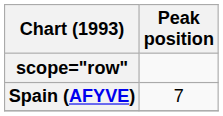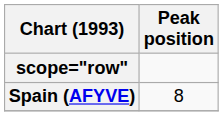 <table class="wikitable sortable plainrowheaders">
 <tr>
 <th>Chart (1993)</th>
 <th>Peak<br>position</th>
 </tr>
 <tr>
 <th>scope="row"</th>
 </tr>
 <tr>
 <th scope="row">Spain (<a href='#'>AFYVE</a>)</th>
-<td align="center">7</td>
+<td align="center">8</td>
 </tr>
 <tr>
 </tr>
 </table>
